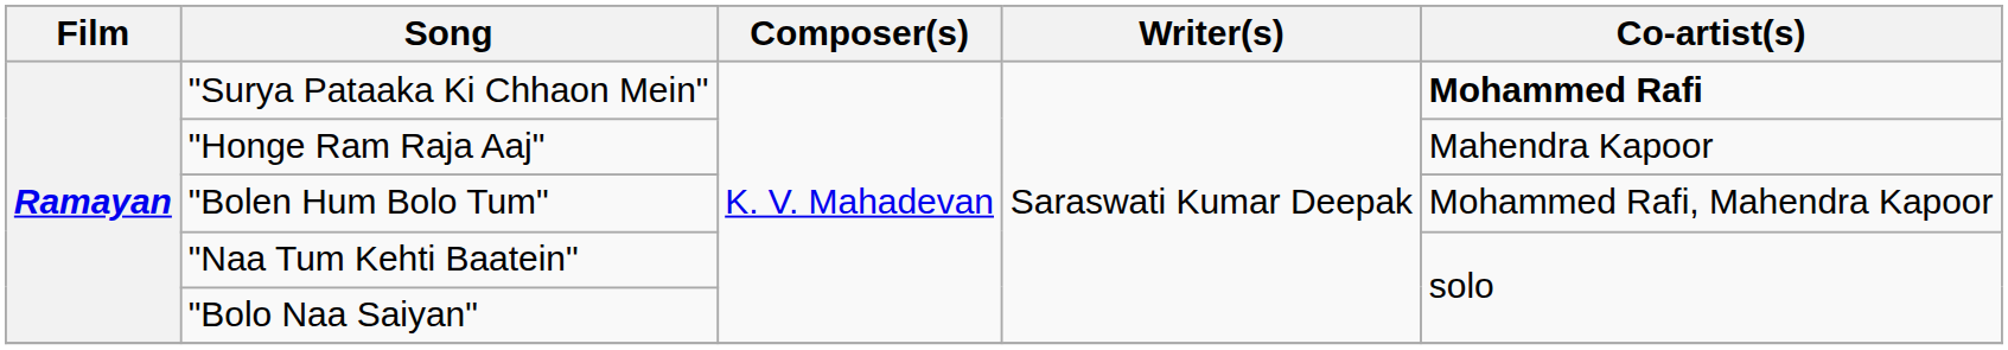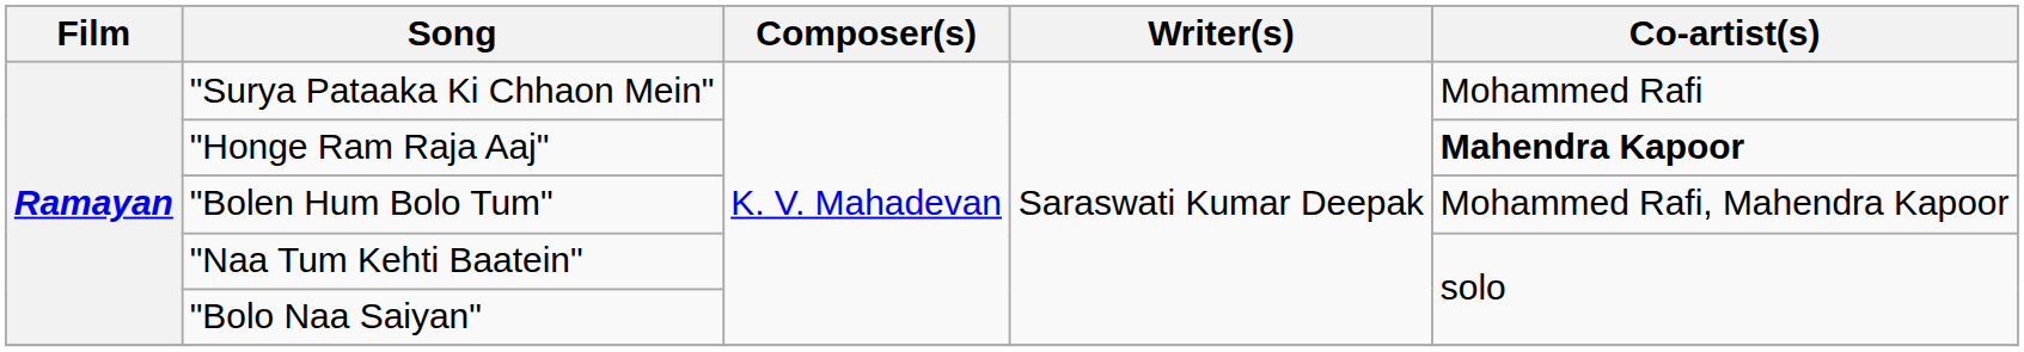 <table class="wikitable sortable">
 <tr>
 <th>Film</th>
 <th>Song</th>
 <th>Composer(s)</th>
 <th>Writer(s)</th>
 <th>Co-artist(s)</th>
 </tr>
 <tr>
 <th rowspan="5"><a href='#'><em>Ramayan</em></a></th>
 <td>"Surya Pataaka Ki Chhaon Mein"</td>
 <td rowspan="5"><a href='#'>K. V. Mahadevan</a></td>
 <td rowspan=5>Saraswati Kumar Deepak</td>
-<td><strong>Mohammed Rafi</strong></td>
+<td>Mohammed Rafi</td>
 </tr>
 <tr>
 <td>"Honge Ram Raja Aaj"</td>
-<td>Mahendra Kapoor</td>
+<td><strong>Mahendra Kapoor</strong></td>
 </tr>
 <tr>
 <td>"Bolen Hum Bolo Tum"</td>
 <td>Mohammed Rafi, Mahendra Kapoor</td>
 </tr>
 <tr>
 <td>"Naa Tum Kehti Baatein"</td>
 <td rowspan=2>solo</td>
 </tr>
 <tr>
 <td>"Bolo Naa Saiyan"</td>
 </tr>
 <tr>
 </tr>
 </table>
